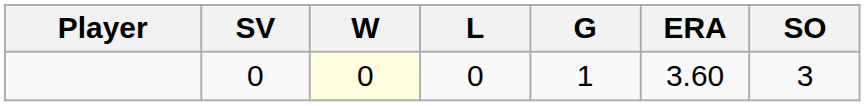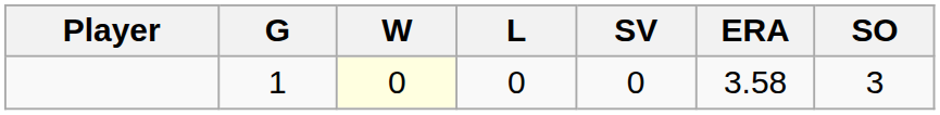 <table class="wikitable sortable">
 <tr>
 <th bgcolor="#DDDDFF" width="16%">Player</th>
-<th bgcolor="#DDDDFF" width="9%">SV</th>
+<th bgcolor="#DDDDFF" width="9%">G</th>
 <th bgcolor="#DDDDFF" width="9%">W</th>
 <th bgcolor="#DDDDFF" width="9%">L</th>
-<th bgcolor="#DDDDFF" width="9%">G</th>
+<th bgcolor="#DDDDFF" width="9%">SV</th>
 <th bgcolor="#DDDDFF" width="9%">ERA</th>
 <th bgcolor="#DDDDFF" width="9%">SO</th>
 </tr>
 <tr align="center">
 <td></td>
-<td>0</td>
+<td>1</td>
 <td style="background: lightyellow;">0</td>
 <td>0</td>
-<td>1</td>
-<td>3.60</td>
+<td>0</td>
+<td>3.58</td>
 <td>3</td>
 </tr>
 </table>
